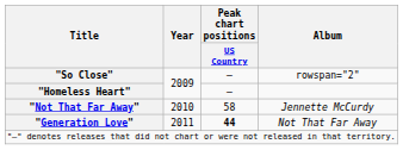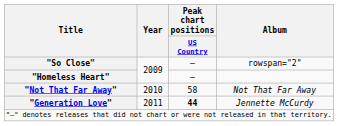 <table class="wikitable plainrowheaders" style="text-align:center;">
 <tr>
 <th rowspan="2" scope="col" style="width:16em;">Title</th>
 <th rowspan="2" scope="col">Year</th>
 <th scope="col">Peak chart positions</th>
 <th rowspan="2" scope="col">Album</th>
 </tr>
 <tr>
 <th scope="col" style="width:3em;font-size:90%;"><a href='#'>US<br>Country</a><br></th>
 </tr>
 <tr>
 <th scope="row">"So Close"</th>
 <td rowspan="2">2009</td>
 <td>—</td>
 <td>rowspan="2" </td>
 </tr>
 <tr>
 <th scope="row">"Homeless Heart"</th>
 <td>—</td>
 </tr>
 <tr>
 <th scope="row">"<a href='#'>Not That Far Away</a>"</th>
 <td>2010</td>
 <td>58</td>
-<td><em>Jennette McCurdy</em></td>
+<td><em>Not That Far Away</em></td>
 </tr>
 <tr>
 <th scope="row">"<a href='#'>Generation Love</a>"</th>
 <td>2011</td>
 <td><strong>44</strong></td>
-<td><em>Not That Far Away</em></td>
+<td><em>Jennette McCurdy</em></td>
 </tr>
 <tr>
 <td colspan="13" style="text-align:center; font-size:85%">"—" denotes releases that did not chart or were not released in that territory.</td>
 </tr>
 </table>
